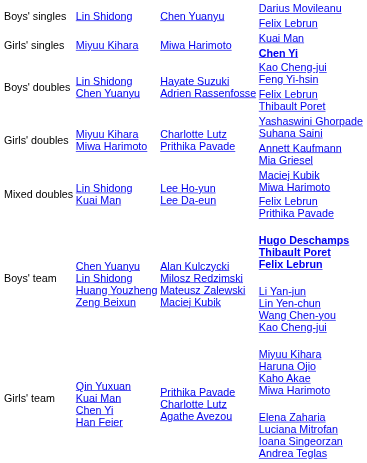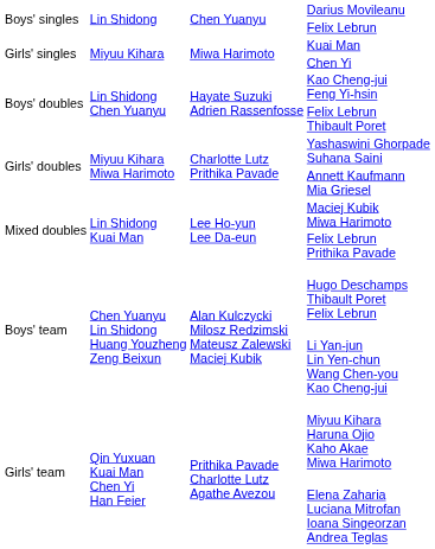 <table>
 <tr>
 <td rowspan=2>Boys' singles</td>
 <td rowspan=2> <a href='#'>Lin Shidong</a></td>
 <td rowspan=2> <a href='#'>Chen Yuanyu</a></td>
 <td> <a href='#'>Darius Movileanu</a></td>
 </tr>
 <tr>
 <td> <a href='#'>Felix Lebrun</a></td>
 </tr>
 <tr>
 <td rowspan=2>Girls' singles</td>
 <td rowspan=2> <a href='#'>Miyuu Kihara</a></td>
 <td rowspan=2> <a href='#'>Miwa Harimoto</a></td>
 <td> <a href='#'>Kuai Man</a></td>
 </tr>
 <tr>
-<td><strong> <a href='#'>Chen Yi</a></strong></td>
+<td> <a href='#'>Chen Yi</a></td>
 </tr>
 <tr>
 <td rowspan=2>Boys' doubles</td>
 <td rowspan=2> <a href='#'>Lin Shidong</a><br> <a href='#'>Chen Yuanyu</a></td>
 <td rowspan=2> <a href='#'>Hayate Suzuki</a><br> <a href='#'>Adrien Rassenfosse</a></td>
 <td> <a href='#'>Kao Cheng-jui</a><br> <a href='#'>Feng Yi-hsin</a></td>
 </tr>
 <tr>
 <td> <a href='#'>Felix Lebrun</a><br> <a href='#'>Thibault Poret</a></td>
 </tr>
 <tr>
 <td rowspan=2>Girls' doubles</td>
 <td rowspan=2> <a href='#'>Miyuu Kihara</a><br> <a href='#'>Miwa Harimoto</a></td>
 <td rowspan=2> <a href='#'>Charlotte Lutz</a><br> <a href='#'>Prithika Pavade</a></td>
 <td> <a href='#'>Yashaswini Ghorpade</a><br> <a href='#'>Suhana Saini</a></td>
 </tr>
 <tr>
 <td> <a href='#'>Annett Kaufmann</a><br> <a href='#'>Mia Griesel</a></td>
 </tr>
 <tr>
 <td rowspan=2>Mixed doubles</td>
 <td rowspan=2> <a href='#'>Lin Shidong</a><br> <a href='#'>Kuai Man</a></td>
 <td rowspan=2> <a href='#'>Lee Ho-yun</a><br> <a href='#'>Lee Da-eun</a></td>
 <td> <a href='#'>Maciej Kubik</a><br> <a href='#'>Miwa Harimoto</a></td>
 </tr>
 <tr>
 <td> <a href='#'>Felix Lebrun</a><br> <a href='#'>Prithika Pavade</a></td>
 </tr>
 <tr>
 <td rowspan=2>Boys' team</td>
 <td rowspan=2><br><a href='#'>Chen Yuanyu</a><br><a href='#'>Lin Shidong</a><br><a href='#'>Huang Youzheng</a><br><a href='#'>Zeng Beixun</a></td>
 <td rowspan=2><br><a href='#'>Alan Kulczycki</a><br><a href='#'>Milosz Redzimski</a><br><a href='#'>Mateusz Zalewski</a><br><a href='#'>Maciej Kubik</a></td>
-<td><strong><br><a href='#'>Hugo Deschamps</a><br><a href='#'>Thibault Poret</a><br><a href='#'>Felix Lebrun</a></strong></td>
+<td><br><a href='#'>Hugo Deschamps</a><br><a href='#'>Thibault Poret</a><br><a href='#'>Felix Lebrun</a></td>
 </tr>
 <tr>
 <td><br><a href='#'>Li Yan-jun</a><br><a href='#'>Lin Yen-chun</a><br><a href='#'>Wang Chen-you</a><br><a href='#'>Kao Cheng-jui</a></td>
 </tr>
 <tr>
 <td rowspan=2>Girls' team</td>
 <td rowspan=2><br><a href='#'>Qin Yuxuan</a><br><a href='#'>Kuai Man</a><br><a href='#'>Chen Yi</a><br><a href='#'>Han Feier</a></td>
 <td rowspan=2><br><a href='#'>Prithika Pavade</a><br><a href='#'>Charlotte Lutz</a><br><a href='#'>Agathe Avezou</a></td>
 <td><br><a href='#'>Miyuu Kihara</a><br><a href='#'>Haruna Ojio</a><br><a href='#'>Kaho Akae</a><br><a href='#'>Miwa Harimoto</a></td>
 </tr>
 <tr>
 <td><br><a href='#'>Elena Zaharia</a><br><a href='#'>Luciana Mitrofan</a><br><a href='#'>Ioana Singeorzan</a><br><a href='#'>Andrea Teglas</a></td>
 </tr>
 </table>
